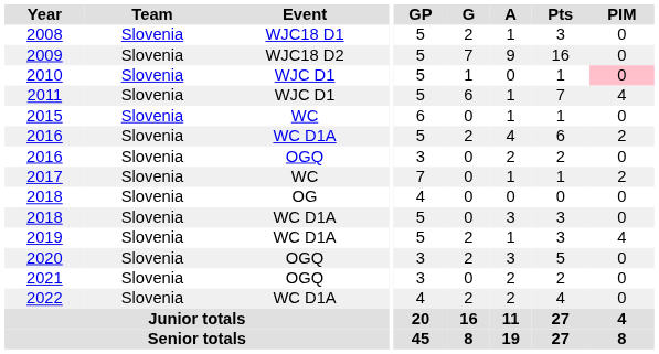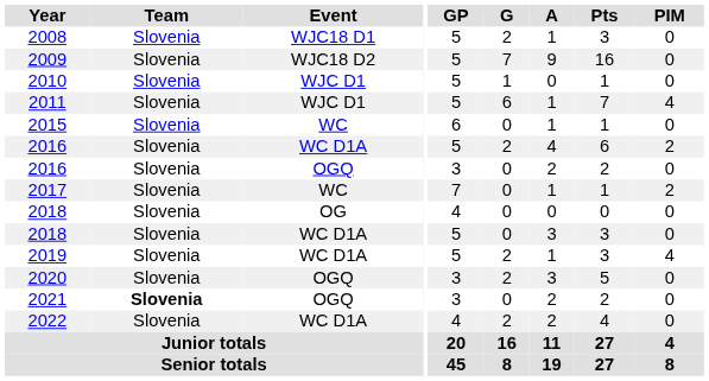 <table border="0" cellpadding="1" cellspacing="0" ID="Table3" style="text-align:center; width:40em">
 <tr ALIGN="center" bgcolor="#e0e0e0">
 <th>Year</th>
 <th>Team</th>
 <th>Event</th>
 <th rowspan="99" bgcolor="#ffffff"></th>
 <th>GP</th>
 <th>G</th>
 <th>A</th>
 <th>Pts</th>
 <th>PIM</th>
 </tr>
 <tr>
 <td><a href='#'>2008</a></td>
 <td><a href='#'>Slovenia</a></td>
 <td><a href='#'>WJC18 D1</a></td>
 <td>5</td>
 <td>2</td>
 <td>1</td>
 <td>3</td>
 <td>0</td>
 </tr>
 <tr bgcolor="#f0f0f0">
 <td><a href='#'>2009</a></td>
 <td>Slovenia</td>
 <td>WJC18 D2</td>
 <td>5</td>
 <td>7</td>
 <td>9</td>
 <td>16</td>
 <td>0</td>
 </tr>
 <tr>
 <td><a href='#'>2010</a></td>
 <td><a href='#'>Slovenia</a></td>
 <td><a href='#'>WJC D1</a></td>
 <td>5</td>
 <td>1</td>
 <td>0</td>
 <td>1</td>
-<td style="background: pink;">0</td>
+<td>0</td>
 </tr>
 <tr bgcolor="#f0f0f0">
 <td><a href='#'>2011</a></td>
 <td>Slovenia</td>
 <td>WJC D1</td>
 <td>5</td>
 <td>6</td>
 <td>1</td>
 <td>7</td>
 <td>4</td>
 </tr>
 <tr>
 <td><a href='#'>2015</a></td>
 <td><a href='#'>Slovenia</a></td>
 <td><a href='#'>WC</a></td>
 <td>6</td>
 <td>0</td>
 <td>1</td>
 <td>1</td>
 <td>0</td>
 </tr>
 <tr bgcolor="#f0f0f0">
 <td><a href='#'>2016</a></td>
 <td>Slovenia</td>
 <td><a href='#'>WC D1A</a></td>
 <td>5</td>
 <td>2</td>
 <td>4</td>
 <td>6</td>
 <td>2</td>
 </tr>
 <tr>
 <td><a href='#'>2016</a></td>
 <td>Slovenia</td>
 <td><a href='#'>OGQ</a></td>
 <td>3</td>
 <td>0</td>
 <td>2</td>
 <td>2</td>
 <td>0</td>
 </tr>
 <tr bgcolor="#f0f0f0">
 <td><a href='#'>2017</a></td>
 <td>Slovenia</td>
 <td>WC</td>
 <td>7</td>
 <td>0</td>
 <td>1</td>
 <td>1</td>
 <td>2</td>
 </tr>
 <tr>
 <td><a href='#'>2018</a></td>
 <td>Slovenia</td>
 <td>OG</td>
 <td>4</td>
 <td>0</td>
 <td>0</td>
 <td>0</td>
 <td>0</td>
 </tr>
 <tr bgcolor="#f0f0f0">
 <td><a href='#'>2018</a></td>
 <td>Slovenia</td>
 <td>WC D1A</td>
 <td>5</td>
 <td>0</td>
 <td>3</td>
 <td>3</td>
 <td>0</td>
 </tr>
 <tr>
 <td><a href='#'>2019</a></td>
 <td>Slovenia</td>
 <td>WC D1A</td>
 <td>5</td>
 <td>2</td>
 <td>1</td>
 <td>3</td>
 <td>4</td>
 </tr>
 <tr bgcolor="#f0f0f0">
 <td><a href='#'>2020</a></td>
 <td>Slovenia</td>
 <td>OGQ</td>
 <td>3</td>
 <td>2</td>
 <td>3</td>
 <td>5</td>
 <td>0</td>
 </tr>
 <tr>
 <td><a href='#'>2021</a></td>
-<td>Slovenia</td>
+<td><strong>Slovenia</strong></td>
 <td>OGQ</td>
 <td>3</td>
 <td>0</td>
 <td>2</td>
 <td>2</td>
 <td>0</td>
 </tr>
 <tr bgcolor="#f0f0f0">
 <td><a href='#'>2022</a></td>
 <td>Slovenia</td>
 <td>WC D1A</td>
 <td>4</td>
 <td>2</td>
 <td>2</td>
 <td>4</td>
 <td>0</td>
 </tr>
 <tr bgcolor="#e0e0e0">
 <th colspan="3">Junior totals</th>
 <th>20</th>
 <th>16</th>
 <th>11</th>
 <th>27</th>
 <th>4</th>
 </tr>
 <tr bgcolor="#e0e0e0">
 <th colspan="3">Senior totals</th>
 <th>45</th>
 <th>8</th>
 <th>19</th>
 <th>27</th>
 <th>8</th>
 </tr>
 </table>
